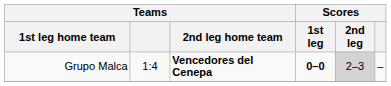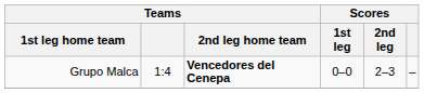 <table class="wikitable" style="text-align: center;">
 <tr>
 <th colspan=3>Teams</th>
 <th colspan=3>Scores</th>
 </tr>
 <tr>
 <th width="175">1st leg home team</th>
 <th width="50"></th>
 <th width="175">2nd leg home team</th>
 <th width="50">1st leg</th>
 <th width="50">2nd leg</th>
 <th></th>
 </tr>
 <tr>
 <td align=right>Grupo Malca</td>
 <td>1:4</td>
 <td align=left><strong>Vencedores del Cenepa</strong></td>
-<td><strong>0–0</strong></td>
-<td style="background: lightgrey;">2–3</td>
+<td>0–0</td>
+<td>2–3</td>
 <td>–</td>
 </tr>
 <tr>
 </tr>
 </table>
